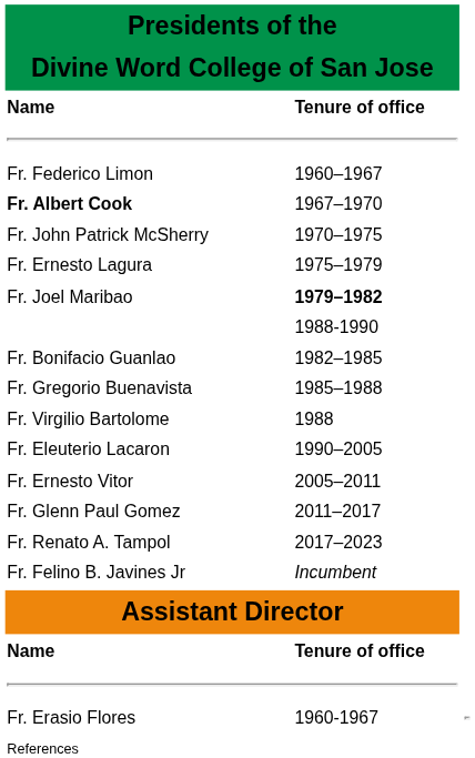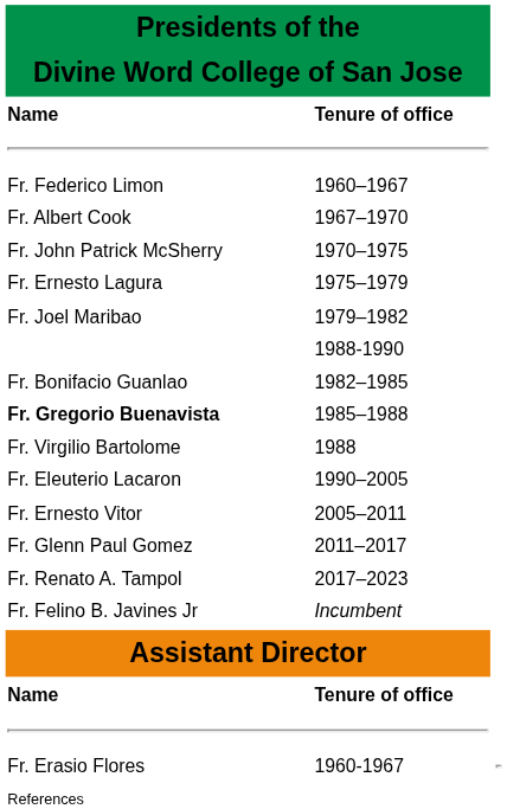 <table class="toccolours" style="float:right; margin-left:1em; font-size:92%; line-height:1.6em; width:270px;">
 <tr>
 <th colspan="2" style="text-align: center;background-color:#00924a"><span><strong>Presidents of the <br>Divine Word College of San Jose</strong></span></th>
 </tr>
 <tr style="text-align:left; font-size:x-small; line-height:1.3em;">
 <td scope="col" width="160"><strong>Name</strong></td>
 <td><strong>Tenure of office</strong></td>
 </tr>
 <tr>
 <td colspan="2"><hr></td>
 </tr>
 <tr style="text-align:left; font-size:x-small; line-height:1.35em;">
 <td>Fr. Federico Limon </td>
 <td>1960–1967</td>
 </tr>
 <tr style="text-align:left; font-size:x-small; line-height:1.35em;">
-<td><strong>Fr. Albert Cook </strong></td>
+<td>Fr. Albert Cook </td>
 <td>1967–1970</td>
 </tr>
 <tr style="text-align:left; font-size:x-small; line-height:1.35em;">
 <td>Fr. John Patrick McSherry </td>
 <td>1970–1975</td>
 </tr>
 <tr style="text-align:left; font-size:x-small; line-height:1.35em;">
 <td>Fr. Ernesto Lagura </td>
 <td>1975–1979</td>
 </tr>
 <tr style="text-align:left; font-size:x-small; line-height:1.35em;">
 <td>Fr. Joel Maribao </td>
-<td><strong>1979–1982</strong></td>
+<td>1979–1982</td>
 </tr>
 <tr style="text-align:left; font-size:x-small; line-height:1.35em;">
 <td></td>
 <td>1988-1990</td>
 </tr>
 <tr style="text-align:left; font-size:x-small; line-height:1.35em;">
 <td>Fr. Bonifacio Guanlao </td>
 <td>1982–1985</td>
 </tr>
 <tr style="text-align:left; font-size:x-small; line-height:1.35em;">
-<td>Fr. Gregorio Buenavista </td>
+<td><strong>Fr. Gregorio Buenavista </strong></td>
 <td>1985–1988</td>
 </tr>
 <tr style="text-align:left; font-size:x-small; line-height:1.35em;">
 <td>Fr. Virgilio Bartolome </td>
 <td>1988</td>
 </tr>
 <tr style="text-align:left; font-size:x-small; line-height:1.35em;">
 <td>Fr. Eleuterio Lacaron </td>
 <td>1990–2005</td>
 </tr>
 <tr style="text-align:left; font-size:x-small; line-height:1.35em;">
 <td>Fr. Ernesto Vitor </td>
 <td>2005–2011</td>
 </tr>
 <tr style="text-align:left; font-size:x-small; line-height:1.35em;">
 <td>Fr. Glenn Paul Gomez </td>
 <td>2011–2017</td>
 </tr>
 <tr style="text-align:left; font-size:x-small; line-height:1.35em;">
 <td>Fr. Renato A. Tampol </td>
 <td>2017–2023</td>
 </tr>
 <tr style="text-align:left; font-size:x-small; line-height:1.35em;">
 <td>Fr. Felino B. Javines Jr </td>
 <td><em>Incumbent</em></td>
 </tr>
 <tr>
 <th colspan="2" style="text-align: center;background-color:#ee860c"><span><strong>Assistant Director</strong></span></th>
 </tr>
 <tr style="text-align:left; font-size:x-small; line-height:1.3em;">
 <td scope="col" width="160"><strong>Name</strong></td>
 <td><strong>Tenure of office</strong></td>
 </tr>
 <tr>
 <th colspan="2"><hr></th>
 </tr>
 <tr style="text-align:left; font-size:x-small; line-height:1.35em;">
 <td>Fr. Erasio Flores </td>
 <td>1960-1967</td>
 <td colspan="2"><hr></td>
 </tr>
 <tr style="text-align:left; font-size:x-small; line-height:1.35em;">
 <td style="font-size: 80%;">References</td>
 <td></td>
 </tr>
 <tr>
 </tr>
 </table>
